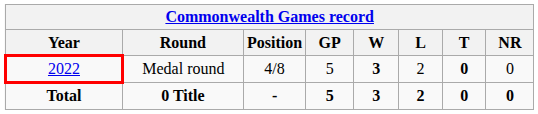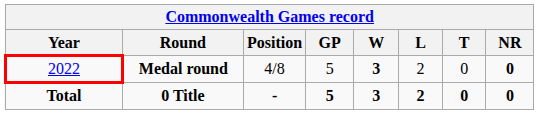 <table class="wikitable" style="text-align: center; width:85%">
 <tr>
 <th colspan=10><a href='#'>Commonwealth Games record</a></th>
 </tr>
 <tr>
 <th width=150>Year</th>
 <th width=150>Round</th>
 <th width=50>Position</th>
 <th width=50>GP</th>
 <th width=50>W</th>
 <th width=50>L</th>
 <th width=50>T</th>
 <th width=50>NR</th>
 </tr>
 <tr>
 </tr>
 <tr>
 <td style="border: 3px solid red"> <a href='#'>2022</a></td>
-<td>Medal round</td>
+<td><strong>Medal round</strong></td>
 <td>4/8</td>
 <td>5</td>
 <td><strong>3</strong></td>
 <td>2</td>
+<td>0</td>
 <td><strong>0</strong></td>
-<td>0</td>
 </tr>
 <tr>
 <td><strong>Total</strong></td>
 <td><strong>0 Title</strong></td>
 <td><strong>-</strong></td>
 <td><strong>5</strong></td>
 <td><strong>3</strong></td>
 <td><strong>2</strong></td>
 <td><strong>0</strong></td>
 <td><strong>0</strong></td>
 </tr>
 </table>
